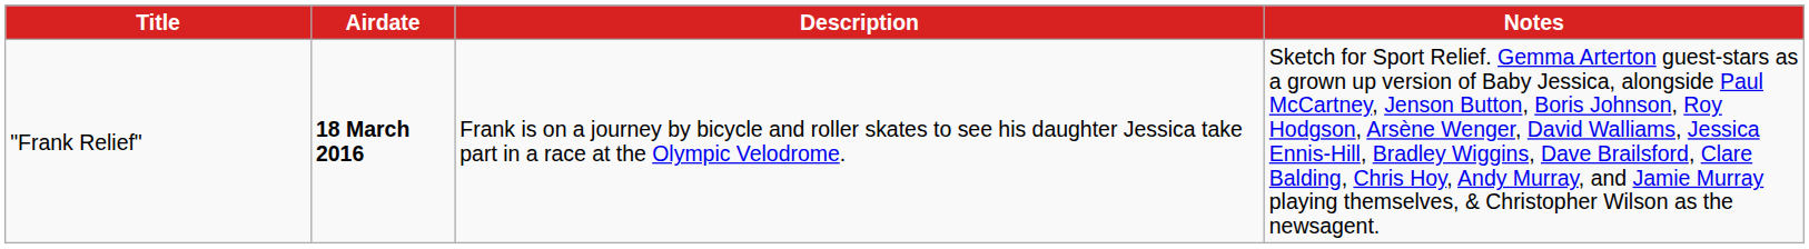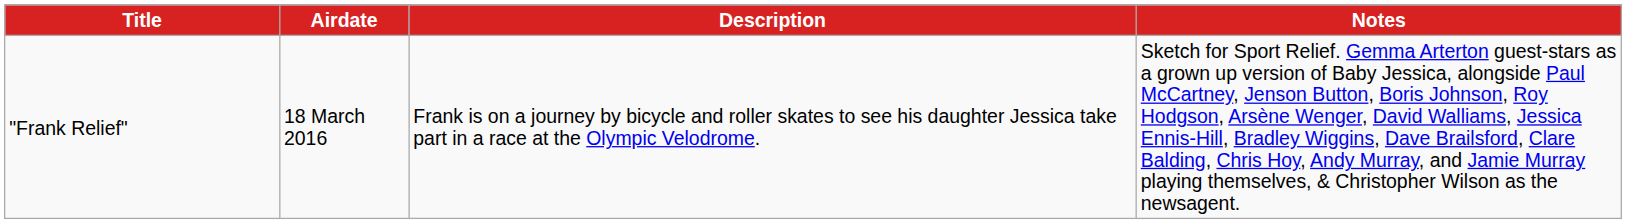 <table class="wikitable" width=100% border=1 style="font-size: 95%">
 <tr>
 </tr>
 <tr style="color:#fff;">
 <th style="background:#D82222" width=17%>Title</th>
 <th style="background:#D82222" width=8%>Airdate</th>
 <th style="background:#D82222" width=45%>Description</th>
 <th style="background:#D82222" width=30%>Notes</th>
 </tr>
 <tr>
 <td>"Frank Relief"</td>
-<td><strong>18 March 2016</strong></td>
+<td>18 March 2016</td>
 <td>Frank is on a journey by bicycle and roller skates to see his daughter Jessica take part in a race at the <a href='#'>Olympic Velodrome</a>.</td>
 <td>Sketch for Sport Relief. <a href='#'>Gemma Arterton</a> guest-stars as a grown up version of Baby Jessica, alongside <a href='#'>Paul McCartney</a>, <a href='#'>Jenson Button</a>,  <a href='#'>Boris Johnson</a>, <a href='#'>Roy Hodgson</a>, <a href='#'>Arsène Wenger</a>, <a href='#'>David Walliams</a>, <a href='#'>Jessica Ennis-Hill</a>, <a href='#'>Bradley Wiggins</a>, <a href='#'>Dave Brailsford</a>, <a href='#'>Clare Balding</a>, <a href='#'>Chris Hoy</a>, <a href='#'>Andy Murray</a>, and <a href='#'>Jamie Murray</a> playing themselves, & Christopher Wilson as the newsagent.</td>
 </tr>
 </table>
